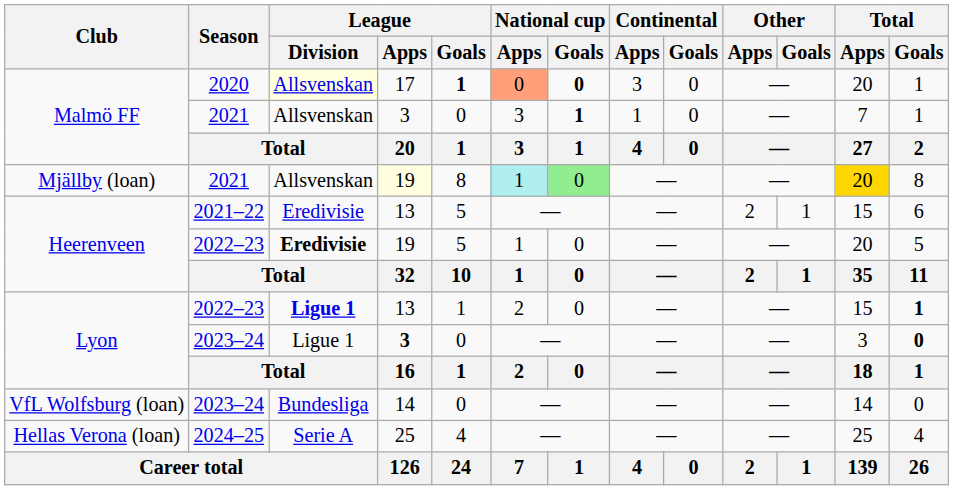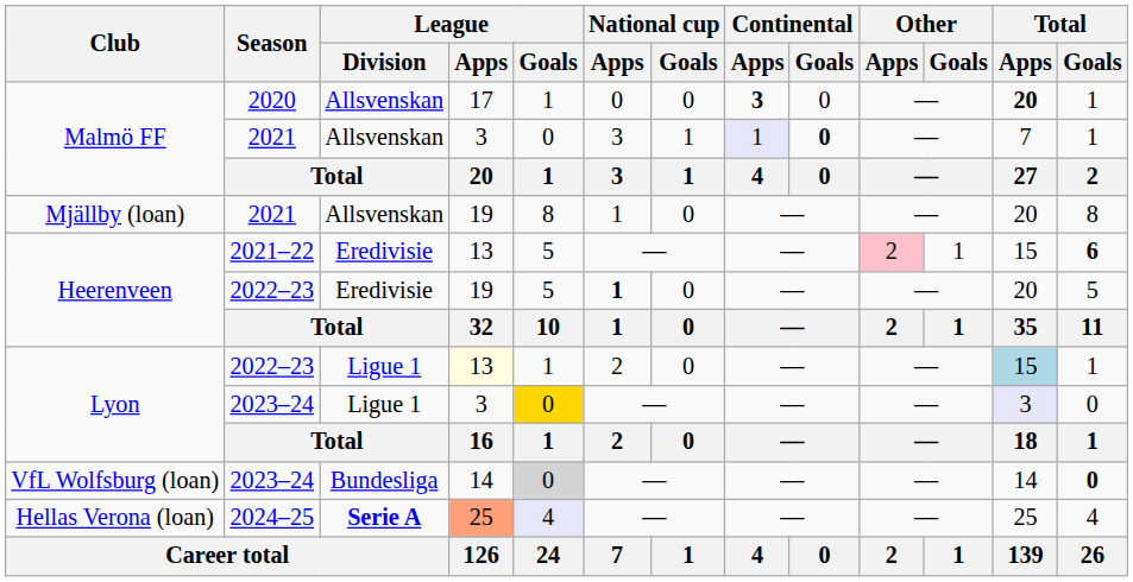 <table class="wikitable" style="text-align:center">
 <tr>
 <th rowspan="2">Club</th>
 <th rowspan="2">Season</th>
 <th colspan="3">League</th>
 <th colspan="2">National cup</th>
 <th colspan="2">Continental</th>
 <th colspan="2">Other</th>
 <th colspan="2">Total</th>
 </tr>
 <tr>
 <th>Division</th>
 <th>Apps</th>
 <th>Goals</th>
 <th>Apps</th>
 <th>Goals</th>
 <th>Apps</th>
 <th>Goals</th>
 <th>Apps</th>
 <th>Goals</th>
 <th>Apps</th>
 <th>Goals</th>
 </tr>
 <tr>
 <td rowspan="3"><a href='#'>Malmö FF</a></td>
 <td><a href='#'>2020</a></td>
-<td style="background: lightyellow;"><a href='#'>Allsvenskan</a></td>
+<td><a href='#'>Allsvenskan</a></td>
 <td>17</td>
-<td><strong>1</strong></td>
-<td style="background: lightsalmon;">0</td>
-<td><strong>0</strong></td>
-<td>3</td>
+<td>1</td>
+<td>0</td>
+<td>0</td>
+<td><strong>3</strong></td>
 <td>0</td>
 <td colspan="2">—</td>
-<td>20</td>
+<td><strong>20</strong></td>
 <td>1</td>
 </tr>
 <tr>
 <td><a href='#'>2021</a></td>
 <td>Allsvenskan</td>
 <td>3</td>
 <td>0</td>
 <td>3</td>
-<td><strong>1</strong></td>
 <td>1</td>
-<td>0</td>
+<td style="background: lavender;">1</td>
+<td><strong>0</strong></td>
 <td colspan="2">—</td>
 <td>7</td>
 <td>1</td>
 </tr>
 <tr>
 <th colspan="2">Total</th>
 <th>20</th>
 <th>1</th>
 <th>3</th>
 <th>1</th>
 <th>4</th>
 <th>0</th>
 <th colspan="2">—</th>
 <th>27</th>
 <th>2</th>
 </tr>
 <tr>
 <td><a href='#'>Mjällby</a> (loan)</td>
 <td><a href='#'>2021</a></td>
 <td>Allsvenskan</td>
-<td style="background: lightyellow;">19</td>
+<td>19</td>
 <td>8</td>
-<td style="background: paleturquoise;">1</td>
-<td style="background: lightgreen;">0</td>
+<td>1</td>
+<td>0</td>
 <td colspan="2">—</td>
 <td colspan="2">—</td>
-<td style="background: gold;">20</td>
+<td>20</td>
 <td>8</td>
 </tr>
 <tr>
 <td rowspan="3"><a href='#'>Heerenveen</a></td>
 <td><a href='#'>2021–22</a></td>
 <td><a href='#'>Eredivisie</a></td>
 <td>13</td>
 <td>5</td>
 <td colspan="2">—</td>
 <td colspan="2">—</td>
-<td>2</td>
+<td style="background: pink;">2</td>
 <td>1</td>
 <td>15</td>
-<td>6</td>
+<td><strong>6</strong></td>
 </tr>
 <tr>
 <td><a href='#'>2022–23</a></td>
-<td><strong>Eredivisie</strong></td>
+<td>Eredivisie</td>
 <td>19</td>
 <td>5</td>
-<td>1</td>
+<td><strong>1</strong></td>
 <td>0</td>
 <td colspan="2">—</td>
 <td colspan="2">—</td>
 <td>20</td>
 <td>5</td>
 </tr>
 <tr>
 <th colspan="2">Total</th>
 <th>32</th>
 <th>10</th>
 <th>1</th>
 <th>0</th>
 <th colspan="2">—</th>
 <th>2</th>
 <th>1</th>
 <th>35</th>
 <th>11</th>
 </tr>
 <tr>
 <td rowspan="3"><a href='#'>Lyon</a></td>
 <td><a href='#'>2022–23</a></td>
-<td><strong><a href='#'>Ligue 1</a></strong></td>
-<td>13</td>
+<td><a href='#'>Ligue 1</a></td>
+<td style="background: lightyellow;">13</td>
 <td>1</td>
 <td>2</td>
 <td>0</td>
 <td colspan="2">—</td>
 <td colspan="2">—</td>
-<td>15</td>
-<td><strong>1</strong></td>
+<td style="background: lightblue;">15</td>
+<td>1</td>
 </tr>
 <tr>
 <td><a href='#'>2023–24</a></td>
 <td>Ligue 1</td>
-<td><strong>3</strong></td>
-<td>0</td>
+<td>3</td>
+<td style="background: gold;">0</td>
 <td colspan="2">—</td>
 <td colspan="2">—</td>
 <td colspan="2">—</td>
-<td>3</td>
-<td><strong>0</strong></td>
+<td style="background: lavender;">3</td>
+<td>0</td>
 </tr>
 <tr>
 <th colspan="2">Total</th>
 <th>16</th>
 <th>1</th>
 <th>2</th>
 <th>0</th>
 <th colspan="2">—</th>
 <th colspan="2">—</th>
 <th>18</th>
 <th>1</th>
 </tr>
 <tr>
 <td><a href='#'>VfL Wolfsburg</a> (loan)</td>
 <td><a href='#'>2023–24</a></td>
 <td><a href='#'>Bundesliga</a></td>
 <td>14</td>
-<td>0</td>
+<td style="background: lightgrey;">0</td>
 <td colspan="2">—</td>
 <td colspan="2">—</td>
 <td colspan="2">—</td>
 <td>14</td>
-<td>0</td>
+<td><strong>0</strong></td>
 </tr>
 <tr>
 <td><a href='#'>Hellas Verona</a> (loan)</td>
 <td><a href='#'>2024–25</a></td>
-<td><a href='#'>Serie A</a></td>
-<td>25</td>
-<td>4</td>
+<td><strong><a href='#'>Serie A</a></strong></td>
+<td style="background: lightsalmon;">25</td>
+<td style="background: lavender;">4</td>
 <td colspan="2">—</td>
 <td colspan="2">—</td>
 <td colspan="2">—</td>
 <td>25</td>
 <td>4</td>
 </tr>
 <tr>
 <th colspan="3">Career total</th>
 <th>126</th>
 <th>24</th>
 <th>7</th>
 <th>1</th>
 <th>4</th>
 <th>0</th>
 <th>2</th>
 <th>1</th>
 <th>139</th>
 <th>26</th>
 </tr>
 </table>
